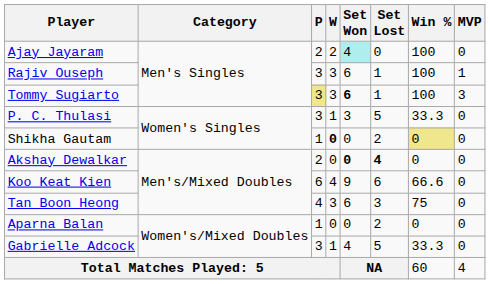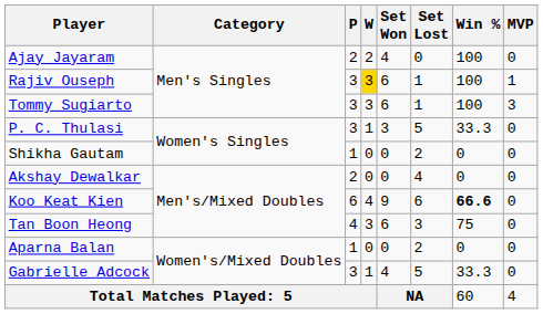 <table class="wikitable">
 <tr>
 <th>Player</th>
 <th>Category</th>
 <th>P</th>
 <th>W</th>
 <th>Set<br>Won</th>
 <th>Set<br>Lost</th>
 <th>Win %</th>
 <th>MVP</th>
 </tr>
 <tr>
 <td> <a href='#'>Ajay Jayaram</a></td>
 <td rowspan="3">Men's Singles</td>
 <td>2</td>
 <td>2</td>
-<td style="background: paleturquoise;">4</td>
+<td>4</td>
 <td>0</td>
 <td>100</td>
 <td>0</td>
 </tr>
 <tr>
 <td> <a href='#'>Rajiv Ouseph</a></td>
 <td>3</td>
-<td>3</td>
+<td style="background: gold;">3</td>
 <td>6</td>
 <td>1</td>
 <td>100</td>
 <td>1</td>
 </tr>
 <tr>
 <td> <a href='#'>Tommy Sugiarto</a></td>
-<td style="background: khaki;">3</td>
 <td>3</td>
-<td><strong>6</strong></td>
+<td>3</td>
+<td>6</td>
 <td>1</td>
 <td>100</td>
 <td>3</td>
 </tr>
 <tr>
 <td> <a href='#'>P. C. Thulasi</a></td>
 <td rowspan="2">Women's Singles</td>
 <td>3</td>
 <td>1</td>
 <td>3</td>
 <td>5</td>
 <td>33.3</td>
 <td>0</td>
 </tr>
 <tr>
 <td> Shikha Gautam</td>
 <td>1</td>
-<td><strong>0</strong></td>
+<td>0</td>
 <td>0</td>
 <td>2</td>
-<td style="background: khaki;">0</td>
+<td>0</td>
 <td>0</td>
 </tr>
 <tr>
 <td> <a href='#'>Akshay Dewalkar</a></td>
 <td rowspan="3">Men's/Mixed Doubles</td>
 <td>2</td>
 <td>0</td>
-<td><strong>0</strong></td>
-<td><strong>4</strong></td>
+<td>0</td>
+<td>4</td>
 <td>0</td>
 <td>0</td>
 </tr>
 <tr>
 <td> <a href='#'>Koo Keat Kien</a></td>
 <td>6</td>
 <td>4</td>
 <td>9</td>
 <td>6</td>
-<td>66.6</td>
+<td><strong>66.6</strong></td>
 <td>0</td>
 </tr>
 <tr>
 <td> <a href='#'>Tan Boon Heong</a></td>
 <td>4</td>
 <td>3</td>
 <td>6</td>
 <td>3</td>
 <td>75</td>
 <td>0</td>
 </tr>
 <tr>
 <td> <a href='#'>Aparna Balan</a></td>
 <td rowspan="2">Women's/Mixed Doubles</td>
 <td>1</td>
 <td>0</td>
 <td>0</td>
 <td>2</td>
 <td>0</td>
 <td>0</td>
 </tr>
 <tr>
 <td> <a href='#'>Gabrielle Adcock</a></td>
 <td>3</td>
 <td>1</td>
 <td>4</td>
 <td>5</td>
 <td>33.3</td>
 <td>0</td>
 </tr>
 <tr>
 <th colspan="4">Total Matches Played: 5</th>
 <th colspan="2">NA</th>
 <td>60</td>
 <td>4</td>
 </tr>
 </table>
